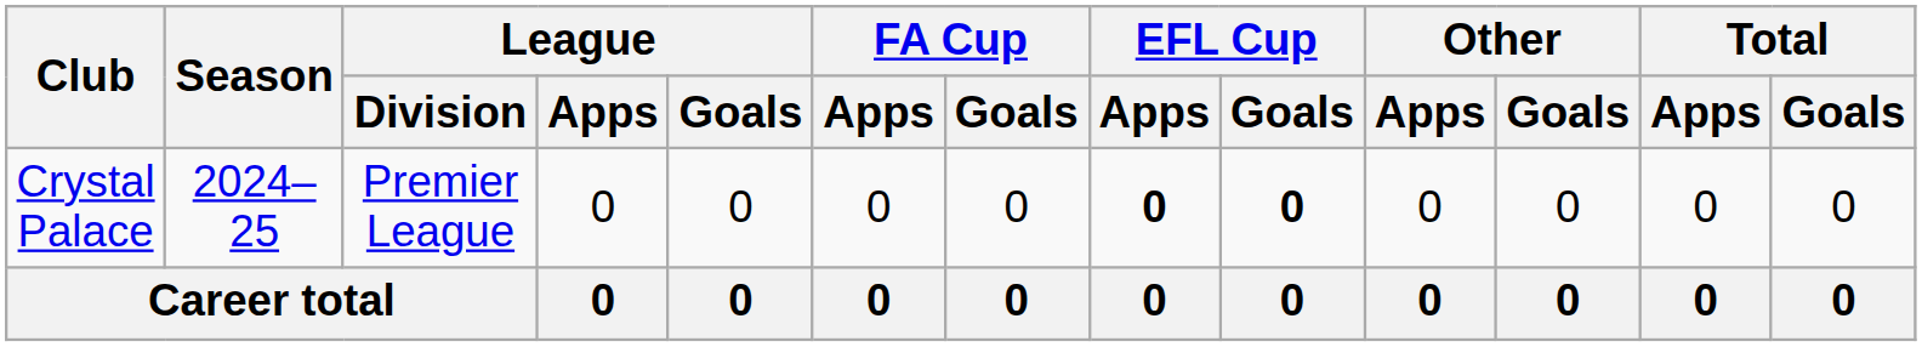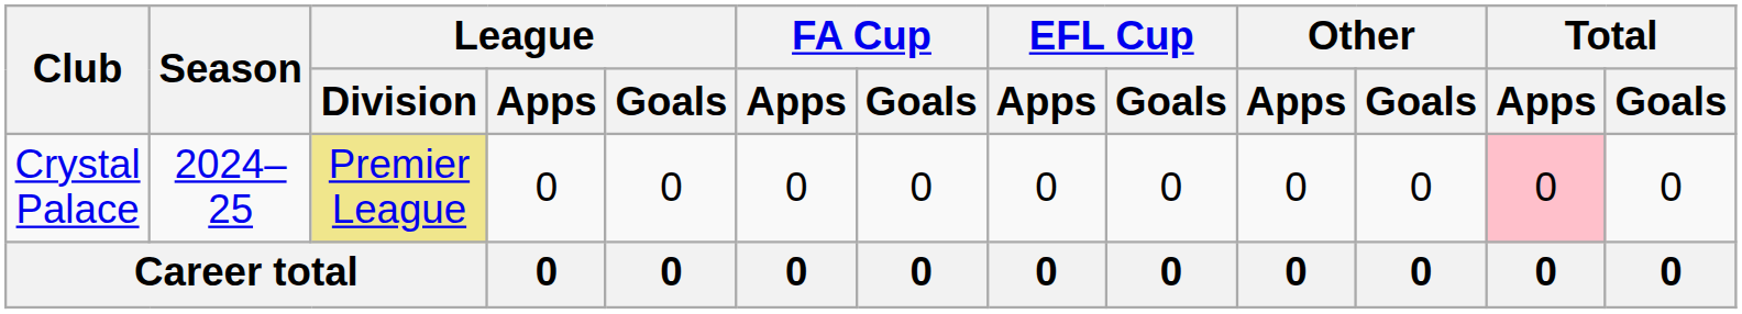 <table class="wikitable" style="text-align: center;">
 <tr>
 <th rowspan="2">Club</th>
 <th rowspan="2">Season</th>
 <th colspan="3">League</th>
 <th colspan="2"><a href='#'>FA Cup</a></th>
 <th colspan="2"><a href='#'>EFL Cup</a></th>
 <th colspan="2">Other</th>
 <th colspan="2">Total</th>
 </tr>
 <tr>
 <th>Division</th>
 <th>Apps</th>
 <th>Goals</th>
 <th>Apps</th>
 <th>Goals</th>
 <th>Apps</th>
 <th>Goals</th>
 <th>Apps</th>
 <th>Goals</th>
 <th>Apps</th>
 <th>Goals</th>
 </tr>
 <tr>
 <td><a href='#'>Crystal Palace</a></td>
 <td><a href='#'>2024–25</a></td>
-<td><a href='#'>Premier League</a></td>
+<td style="background: khaki;"><a href='#'>Premier League</a></td>
 <td>0</td>
 <td>0</td>
 <td>0</td>
 <td>0</td>
-<td><strong>0</strong></td>
-<td><strong>0</strong></td>
 <td>0</td>
 <td>0</td>
 <td>0</td>
+<td>0</td>
+<td style="background: pink;">0</td>
 <td>0</td>
 </tr>
 <tr>
 <th colspan="3">Career total</th>
 <th>0</th>
 <th>0</th>
 <th>0</th>
 <th>0</th>
 <th>0</th>
 <th>0</th>
 <th>0</th>
 <th>0</th>
 <th>0</th>
 <th>0</th>
 </tr>
 </table>
